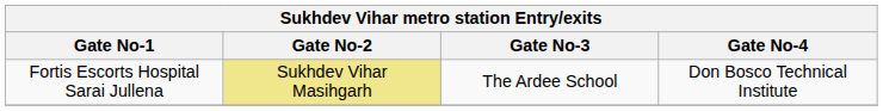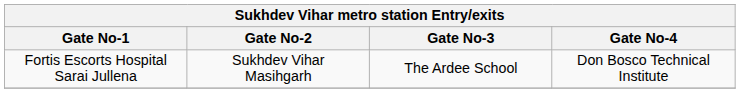 <table class="wikitable" style="text-align: center;" width="65%">
 <tr>
 <th align="center" colspan="5" style="background:#"><span>Sukhdev Vihar metro station Entry/exits</span></th>
 </tr>
 <tr>
 <th style="width:25%;">Gate No-1 </th>
 <th style="width:25%;">Gate No-2 </th>
 <th style="width:25%;">Gate No-3</th>
 <th style="width:25%;">Gate No-4</th>
 </tr>
 <tr>
 <td>Fortis Escorts Hospital <br> Sarai Jullena</td>
-<td style="background: khaki;">Sukhdev Vihar <br> Masihgarh</td>
+<td>Sukhdev Vihar <br> Masihgarh</td>
 <td>The Ardee School</td>
 <td>Don Bosco Technical Institute<br></td>
 </tr>
 <tr>
 </tr>
 </table>
